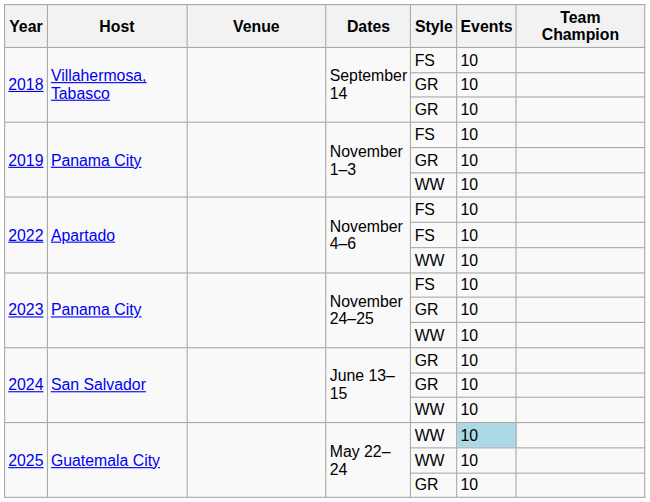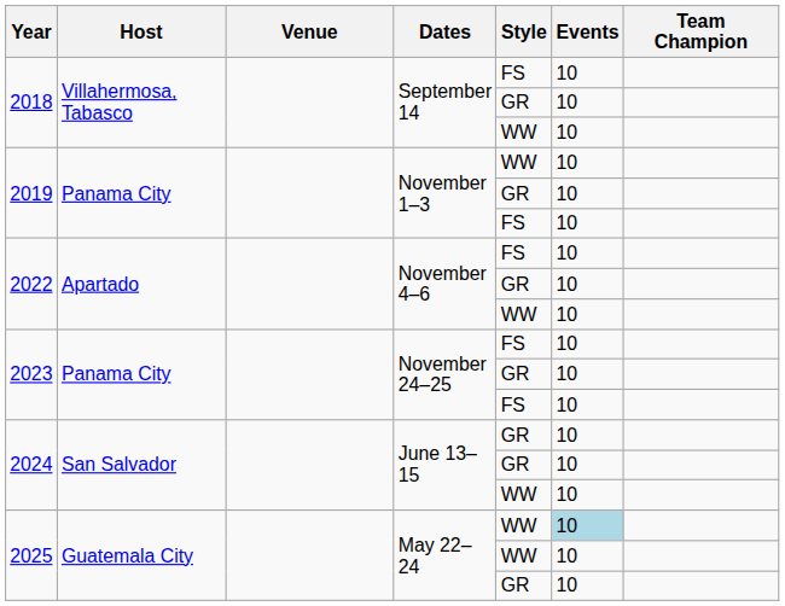 <table class="wikitable" style="text-align:left; font-size:90%">
 <tr>
 <th width=25px>Year</th>
 <th width=120px>Host</th>
 <th width=120px>Venue</th>
 <th width=70px>Dates</th>
 <th width=35px>Style</th>
 <th width=35px>Events</th>
 <th width=110px>Team Champion</th>
 </tr>
 <tr>
 <td rowspan=3><a href='#'>2018</a></td>
 <td rowspan=3> <a href='#'>Villahermosa, Tabasco</a></td>
 <td rowspan=3></td>
 <td rowspan=3>September 14</td>
 <td>FS</td>
 <td>10</td>
 <td></td>
 </tr>
 <tr>
 <td>GR</td>
 <td>10</td>
 <td></td>
 </tr>
 <tr>
-<td>GR</td>
+<td>WW</td>
 <td>10</td>
 <td></td>
 </tr>
 <tr>
 <td rowspan=3><a href='#'>2019</a></td>
 <td rowspan=3> <a href='#'>Panama City</a></td>
 <td rowspan=3></td>
 <td rowspan=3>November 1–3</td>
-<td>FS</td>
+<td>WW</td>
 <td>10</td>
 <td></td>
 </tr>
 <tr>
 <td>GR</td>
 <td>10</td>
 <td></td>
 </tr>
 <tr>
-<td>WW</td>
+<td>FS</td>
 <td>10</td>
 <td></td>
 </tr>
 <tr>
 <td rowspan=3><a href='#'>2022</a></td>
 <td rowspan=3> <a href='#'>Apartado</a></td>
 <td rowspan=3></td>
 <td rowspan=3>November 4–6</td>
 <td>FS</td>
 <td>10</td>
 <td></td>
 </tr>
 <tr>
-<td>FS</td>
+<td>GR</td>
 <td>10</td>
 <td></td>
 </tr>
 <tr>
 <td>WW</td>
 <td>10</td>
 <td></td>
 </tr>
 <tr>
 <td rowspan=3><a href='#'>2023</a></td>
 <td rowspan=3> <a href='#'>Panama City</a></td>
 <td rowspan=3></td>
 <td rowspan=3>November 24–25</td>
 <td>FS</td>
 <td>10</td>
 <td></td>
 </tr>
 <tr>
 <td>GR</td>
 <td>10</td>
 <td></td>
 </tr>
 <tr>
-<td>WW</td>
+<td>FS</td>
 <td>10</td>
 <td></td>
 </tr>
 <tr>
 <td rowspan=3><a href='#'>2024</a></td>
 <td rowspan=3> <a href='#'>San Salvador</a></td>
 <td rowspan=3></td>
 <td rowspan=3>June 13–15</td>
 <td>GR</td>
 <td>10</td>
 <td></td>
 </tr>
 <tr>
 <td>GR</td>
 <td>10</td>
 <td></td>
 </tr>
 <tr>
 <td>WW</td>
 <td>10</td>
 <td></td>
 </tr>
 <tr>
 <td rowspan=3><a href='#'>2025</a></td>
 <td rowspan=3> <a href='#'>Guatemala City</a></td>
 <td rowspan=3></td>
 <td rowspan=3>May 22–24</td>
 <td>WW</td>
 <td style="background: lightblue;">10</td>
 <td></td>
 </tr>
 <tr>
 <td>WW</td>
 <td>10</td>
 <td></td>
 </tr>
 <tr>
 <td>GR</td>
 <td>10</td>
 <td></td>
 </tr>
 </table>
